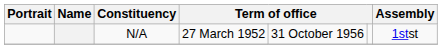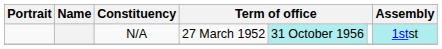 <table class="wikitable" style="text-align:center">
 <tr align="center">
 <th class="unsortable" scope="col">Portrait</th>
 <th scope="col" class="sortable">Name</th>
 <th scope="col">Constituency</th>
 <th colspan="3" scope="colgroup">Term of office</th>
 <th scope="col">Assembly</th>
 </tr>
 <tr align="center">
 <td></td>
 <th scope="row"></th>
 <td>N/A</td>
 <td>27 March 1952</td>
-<td>31 October 1956</td>
+<td style="background: paleturquoise;">31 October 1956</td>
 <td></td>
-<td><a href='#'>1st</a>st</td>
+<td style="background: paleturquoise;"><a href='#'>1st</a>st</td>
 </tr>
 <tr>
 </tr>
 </table>
